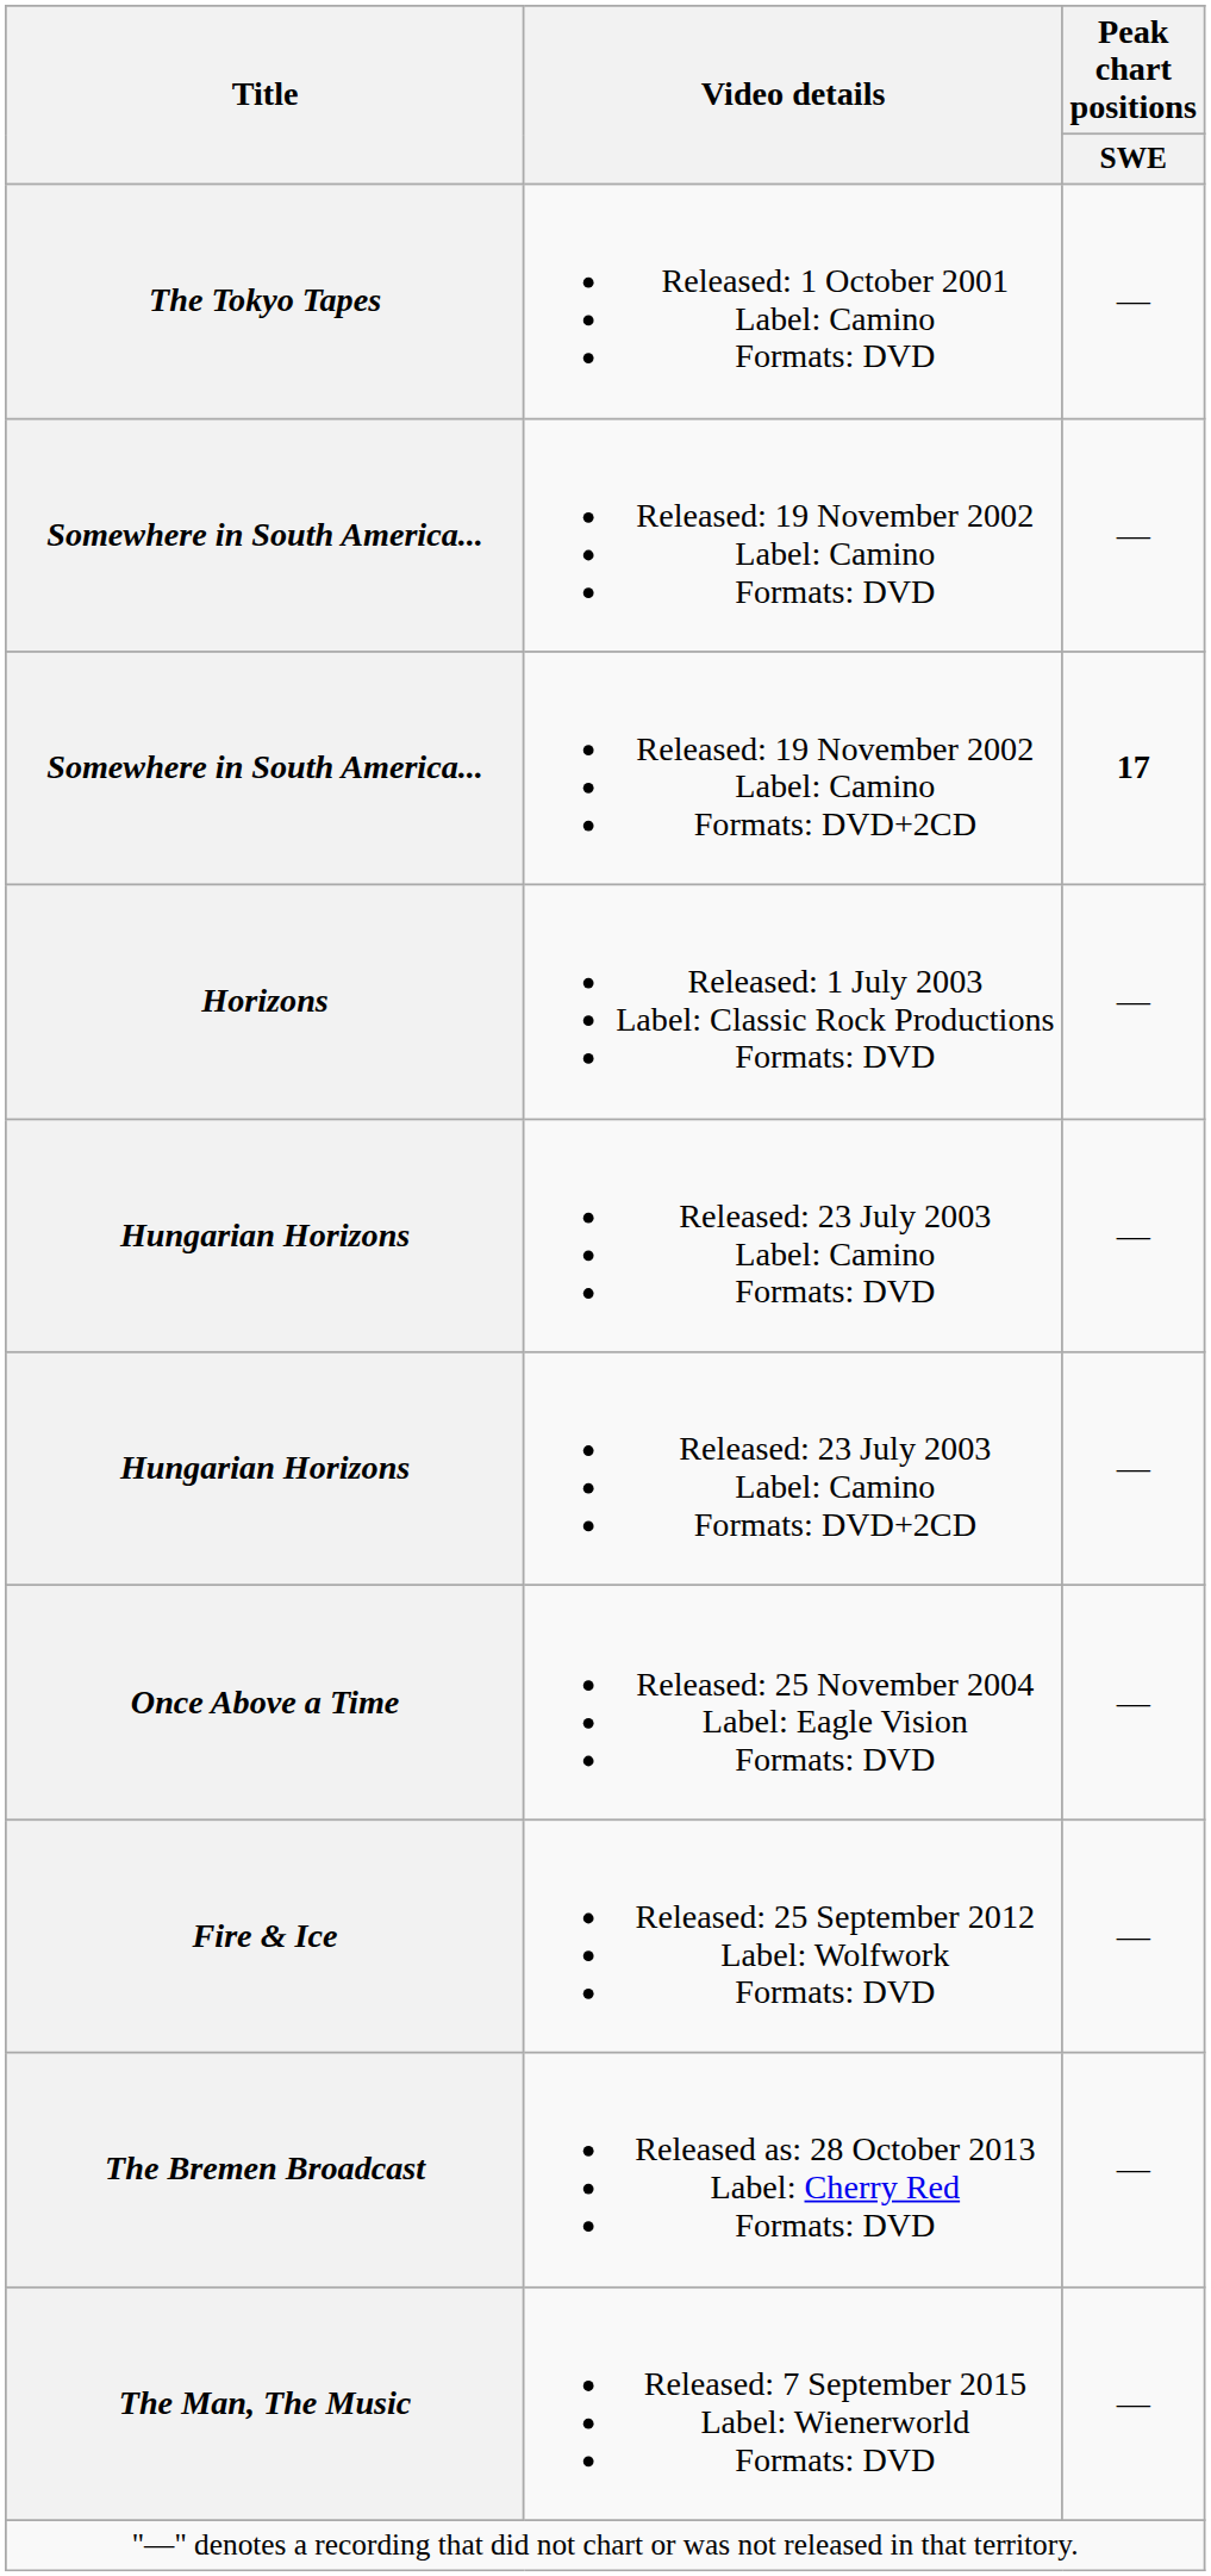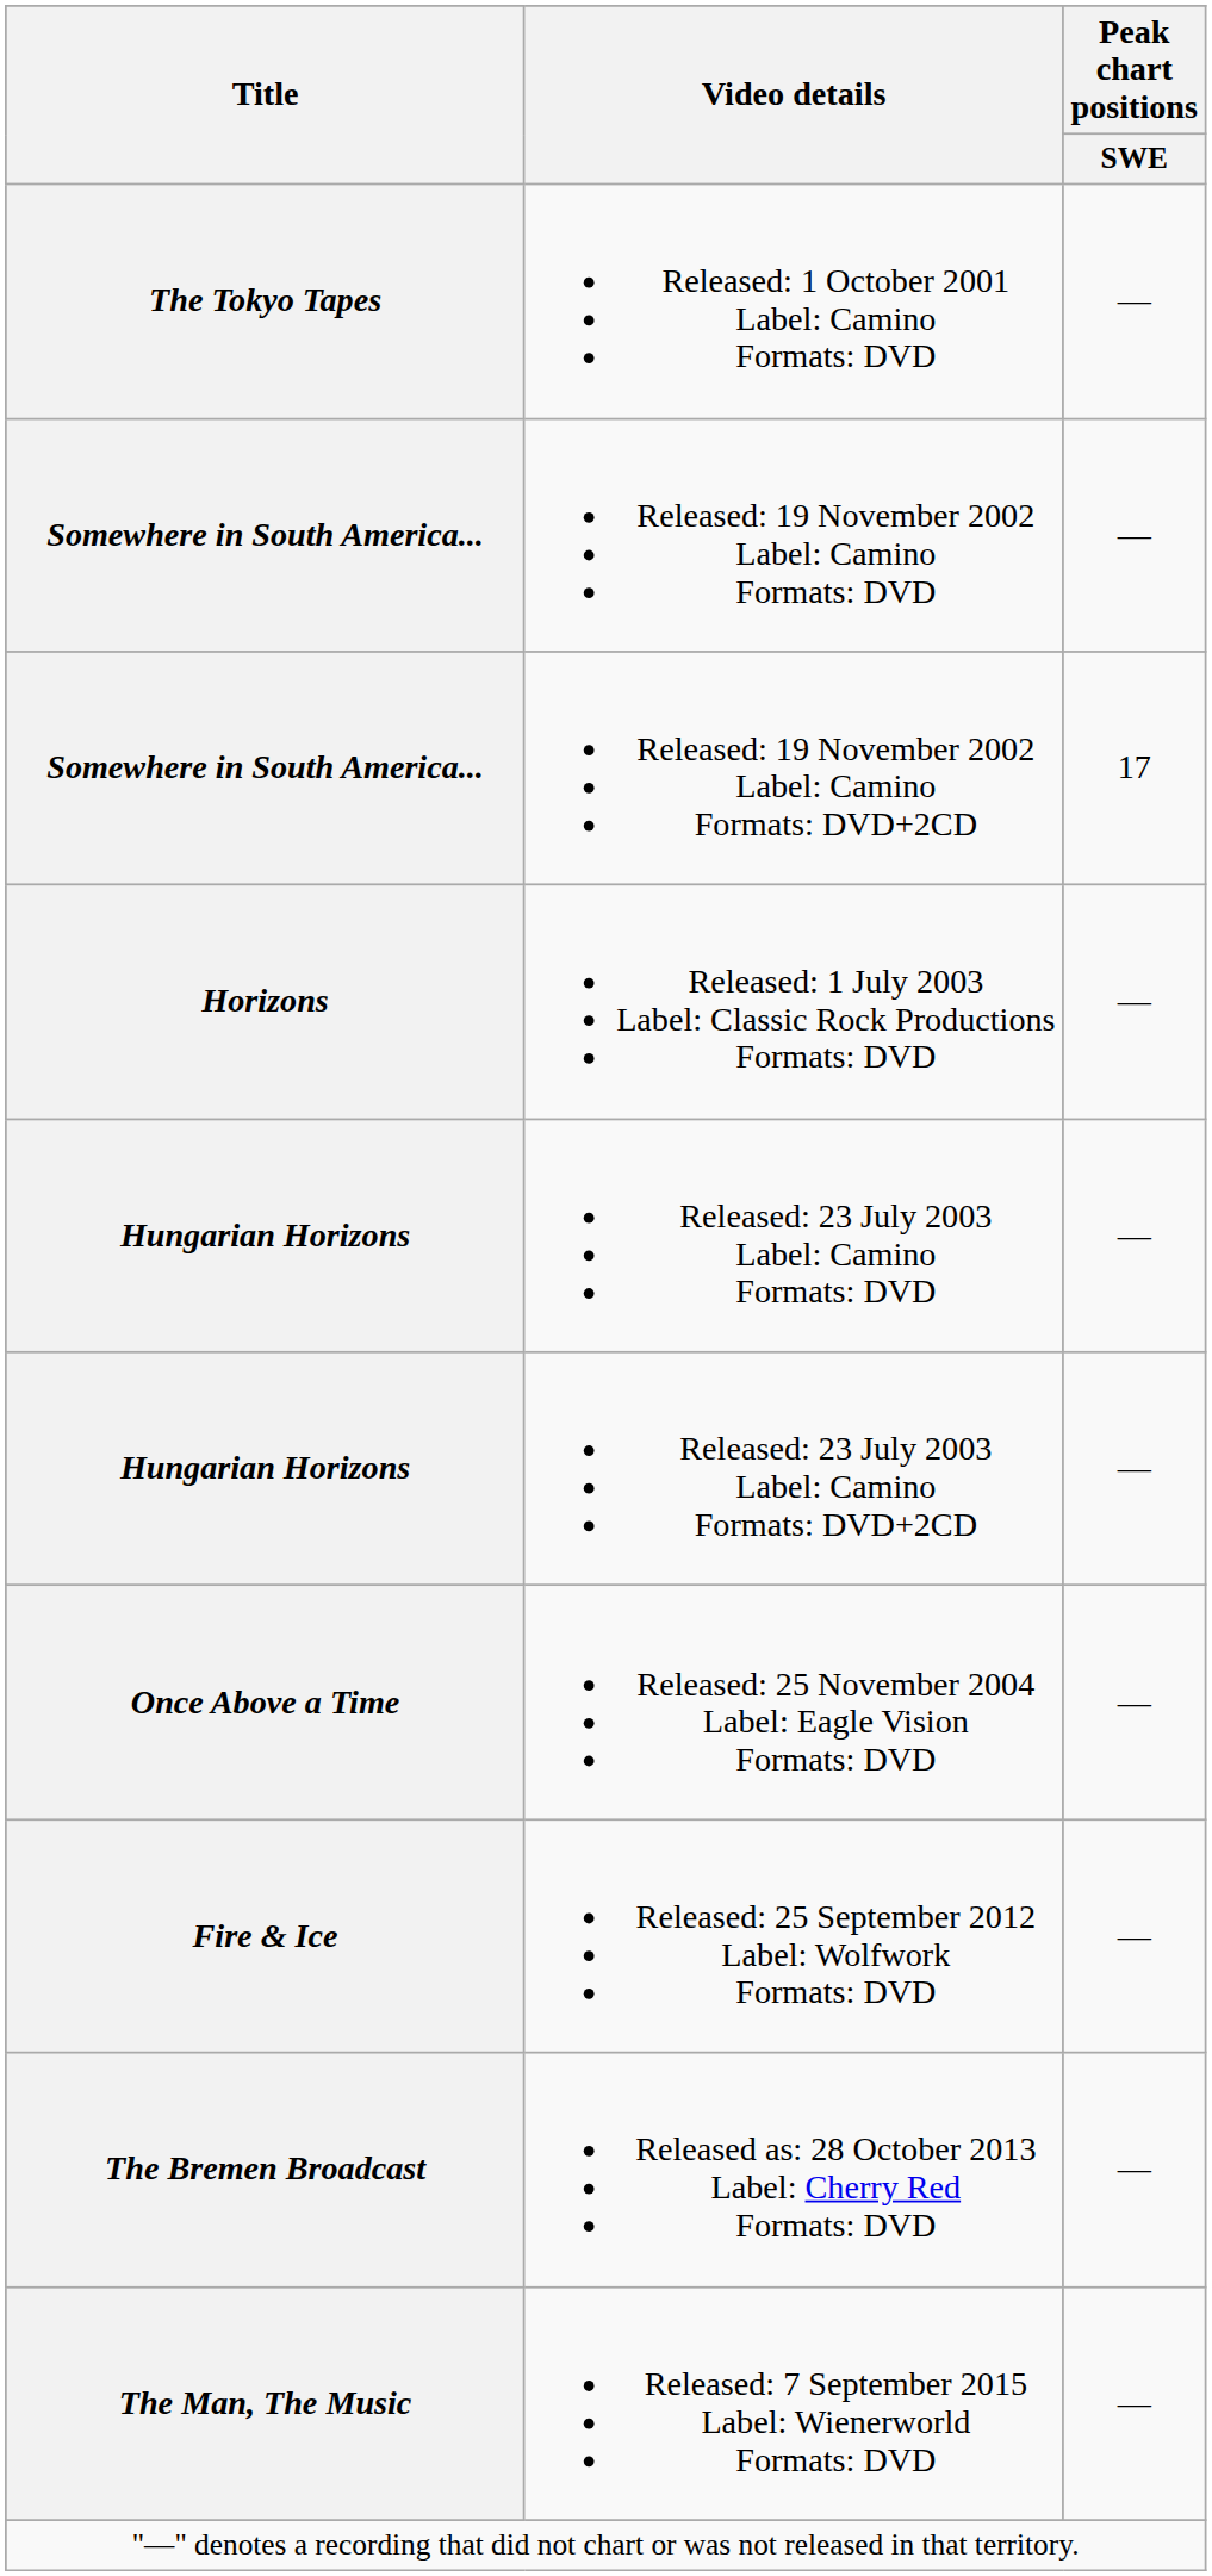 <table class="wikitable plainrowheaders" style="text-align:center;">
 <tr>
 <th scope="col" rowspan="2" style="width:15em;">Title</th>
 <th scope="col" rowspan="2">Video details</th>
 <th scope="col" colspan="1">Peak chart positions</th>
 </tr>
 <tr>
 <th scope="col" style="width:3em;font-size:90%;">SWE<br></th>
 </tr>
 <tr>
 <th scope="row"><em>The Tokyo Tapes</em></th>
 <td><br><ul><li>Released: 1 October 2001</li><li>Label: Camino</li><li>Formats: DVD</li></ul></td>
 <td>—</td>
 </tr>
 <tr>
 <th scope="row"><em>Somewhere in South America...</em></th>
 <td><br><ul><li>Released: 19 November 2002</li><li>Label: Camino</li><li>Formats: DVD</li></ul></td>
 <td>—</td>
 </tr>
 <tr>
 <th scope="row"><em>Somewhere in South America...</em></th>
 <td><br><ul><li>Released: 19 November 2002</li><li>Label: Camino</li><li>Formats: DVD+2CD</li></ul></td>
-<td><strong>17</strong></td>
+<td>17</td>
 </tr>
 <tr>
 <th scope="row"><em>Horizons</em></th>
 <td><br><ul><li>Released: 1 July 2003</li><li>Label: Classic Rock Productions</li><li>Formats: DVD</li></ul></td>
 <td>—</td>
 </tr>
 <tr>
 <th scope="row"><em>Hungarian Horizons</em></th>
 <td><br><ul><li>Released: 23 July 2003</li><li>Label: Camino</li><li>Formats: DVD</li></ul></td>
 <td>—</td>
 </tr>
 <tr>
 <th scope="row"><em>Hungarian Horizons</em></th>
 <td><br><ul><li>Released: 23 July 2003</li><li>Label: Camino</li><li>Formats: DVD+2CD</li></ul></td>
 <td>—</td>
 </tr>
 <tr>
 <th scope="row"><em>Once Above a Time</em></th>
 <td><br><ul><li>Released: 25 November 2004</li><li>Label: Eagle Vision</li><li>Formats: DVD</li></ul></td>
 <td>—</td>
 </tr>
 <tr>
 <th scope="row"><em>Fire & Ice</em></th>
 <td><br><ul><li>Released: 25 September 2012</li><li>Label: Wolfwork</li><li>Formats: DVD</li></ul></td>
 <td>—</td>
 </tr>
 <tr>
 <th scope="row"><em>The Bremen Broadcast</em></th>
 <td><br><ul><li>Released as: 28 October 2013</li><li>Label: <a href='#'>Cherry Red</a></li><li>Formats: DVD</li></ul></td>
 <td>—</td>
 </tr>
 <tr>
 <th scope="row"><em>The Man, The Music</em></th>
 <td><br><ul><li>Released: 7 September 2015</li><li>Label: Wienerworld</li><li>Formats: DVD</li></ul></td>
 <td>—</td>
 </tr>
 <tr>
 <td colspan="10" style="font-size:90%">"—" denotes a recording that did not chart or was not released in that territory.</td>
 </tr>
 </table>
